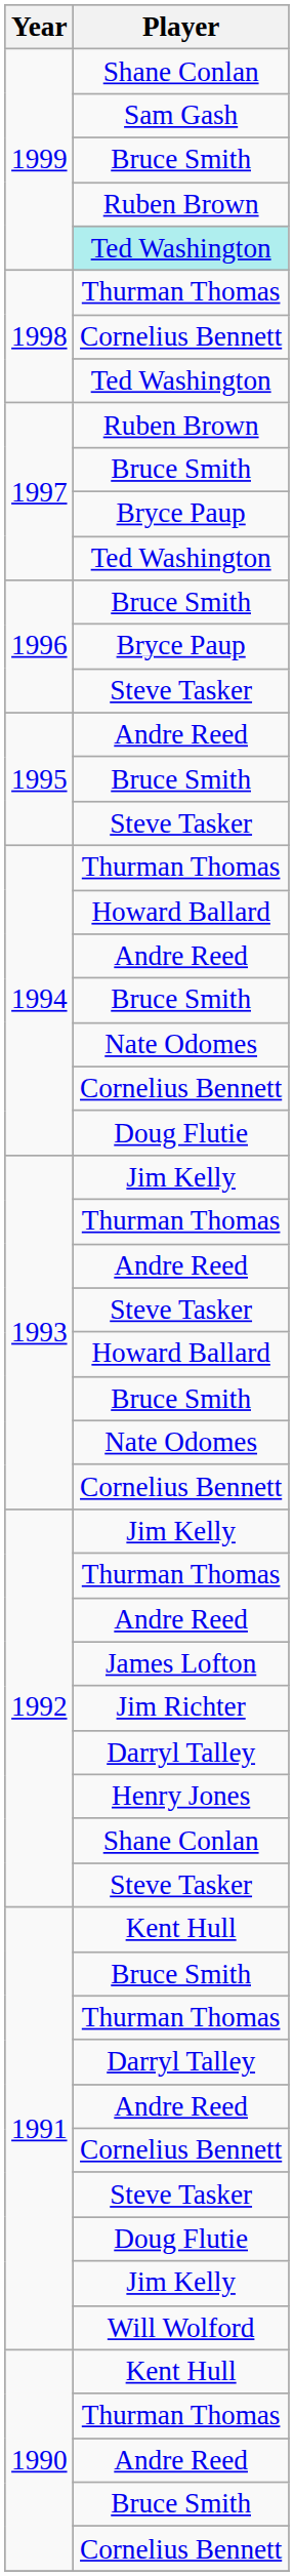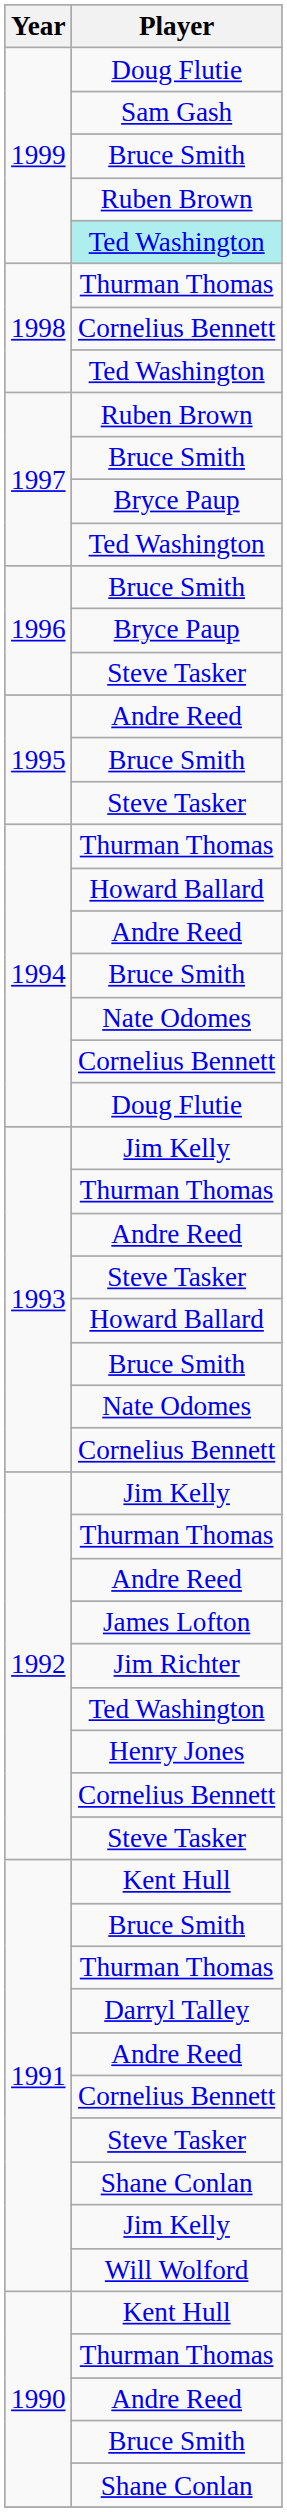 <table class="wikitable" style="text-align:center">
 <tr>
 <th>Year</th>
 <th>Player</th>
 </tr>
 <tr>
 <td rowspan="5"><a href='#'>1999</a></td>
-<td><a href='#'>Shane Conlan</a></td>
+<td><a href='#'>Doug Flutie</a></td>
 </tr>
 <tr>
 <td><a href='#'>Sam Gash</a></td>
 </tr>
 <tr>
 <td><a href='#'>Bruce Smith</a></td>
 </tr>
 <tr>
 <td><a href='#'>Ruben Brown</a></td>
 </tr>
 <tr>
 <td style="background: paleturquoise;"><a href='#'>Ted Washington</a></td>
 </tr>
 <tr>
 <td rowspan="3"><a href='#'>1998</a></td>
 <td><a href='#'>Thurman Thomas</a></td>
 </tr>
 <tr>
 <td><a href='#'>Cornelius Bennett</a></td>
 </tr>
 <tr>
 <td><a href='#'>Ted Washington</a></td>
 </tr>
 <tr>
 <td rowspan="4"><a href='#'>1997</a></td>
 <td><a href='#'>Ruben Brown</a></td>
 </tr>
 <tr>
 <td><a href='#'>Bruce Smith</a></td>
 </tr>
 <tr>
 <td><a href='#'>Bryce Paup</a></td>
 </tr>
 <tr>
 <td><a href='#'>Ted Washington</a></td>
 </tr>
 <tr>
 <td rowspan="3"><a href='#'>1996</a></td>
 <td><a href='#'>Bruce Smith</a></td>
 </tr>
 <tr>
 <td><a href='#'>Bryce Paup</a></td>
 </tr>
 <tr>
 <td><a href='#'>Steve Tasker</a></td>
 </tr>
 <tr>
 <td rowspan="3"><a href='#'>1995</a></td>
 <td><a href='#'>Andre Reed</a></td>
 </tr>
 <tr>
 <td><a href='#'>Bruce Smith</a></td>
 </tr>
 <tr>
 <td><a href='#'>Steve Tasker</a></td>
 </tr>
 <tr>
 <td rowspan="7"><a href='#'>1994</a></td>
 <td><a href='#'>Thurman Thomas</a></td>
 </tr>
 <tr>
 <td><a href='#'>Howard Ballard</a></td>
 </tr>
 <tr>
 <td><a href='#'>Andre Reed</a></td>
 </tr>
 <tr>
 <td><a href='#'>Bruce Smith</a></td>
 </tr>
 <tr>
 <td><a href='#'>Nate Odomes</a></td>
 </tr>
 <tr>
 <td><a href='#'>Cornelius Bennett</a></td>
 </tr>
 <tr>
 <td><a href='#'>Doug Flutie</a></td>
 </tr>
 <tr>
 <td rowspan="8"><a href='#'>1993</a></td>
 <td><a href='#'>Jim Kelly</a></td>
 </tr>
 <tr>
 <td><a href='#'>Thurman Thomas</a></td>
 </tr>
 <tr>
 <td><a href='#'>Andre Reed</a></td>
 </tr>
 <tr>
 <td><a href='#'>Steve Tasker</a></td>
 </tr>
 <tr>
 <td><a href='#'>Howard Ballard</a></td>
 </tr>
 <tr>
 <td><a href='#'>Bruce Smith</a></td>
 </tr>
 <tr>
 <td><a href='#'>Nate Odomes</a></td>
 </tr>
 <tr>
 <td><a href='#'>Cornelius Bennett</a></td>
 </tr>
 <tr>
 <td rowspan="9"><a href='#'>1992</a></td>
 <td><a href='#'>Jim Kelly</a></td>
 </tr>
 <tr>
 <td><a href='#'>Thurman Thomas</a></td>
 </tr>
 <tr>
 <td><a href='#'>Andre Reed</a></td>
 </tr>
 <tr>
 <td><a href='#'>James Lofton</a></td>
 </tr>
 <tr>
 <td><a href='#'>Jim Richter</a></td>
 </tr>
 <tr>
-<td><a href='#'>Darryl Talley</a></td>
+<td><a href='#'>Ted Washington</a></td>
 </tr>
 <tr>
 <td><a href='#'>Henry Jones</a></td>
 </tr>
 <tr>
-<td><a href='#'>Shane Conlan</a></td>
+<td><a href='#'>Cornelius Bennett</a></td>
 </tr>
 <tr>
 <td><a href='#'>Steve Tasker</a></td>
 </tr>
 <tr>
 <td rowspan="10"><a href='#'>1991</a></td>
 <td><a href='#'>Kent Hull</a></td>
 </tr>
 <tr>
 <td><a href='#'>Bruce Smith</a></td>
 </tr>
 <tr>
 <td><a href='#'>Thurman Thomas</a></td>
 </tr>
 <tr>
 <td><a href='#'>Darryl Talley</a></td>
 </tr>
 <tr>
 <td><a href='#'>Andre Reed</a></td>
 </tr>
 <tr>
 <td><a href='#'>Cornelius Bennett</a></td>
 </tr>
 <tr>
 <td><a href='#'>Steve Tasker</a></td>
 </tr>
 <tr>
-<td><a href='#'>Doug Flutie</a></td>
+<td><a href='#'>Shane Conlan</a></td>
 </tr>
 <tr>
 <td><a href='#'>Jim Kelly</a></td>
 </tr>
 <tr>
 <td><a href='#'>Will Wolford</a></td>
 </tr>
 <tr>
 <td rowspan="5"><a href='#'>1990</a></td>
 <td><a href='#'>Kent Hull</a></td>
 </tr>
 <tr>
 <td><a href='#'>Thurman Thomas</a></td>
 </tr>
 <tr>
 <td><a href='#'>Andre Reed</a></td>
 </tr>
 <tr>
 <td><a href='#'>Bruce Smith</a></td>
 </tr>
 <tr>
-<td><a href='#'>Cornelius Bennett</a></td>
+<td><a href='#'>Shane Conlan</a></td>
 </tr>
 <tr>
 </tr>
 </table>
